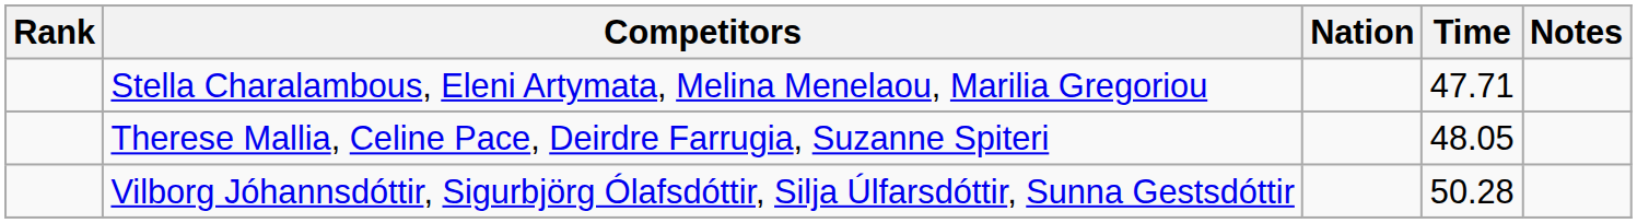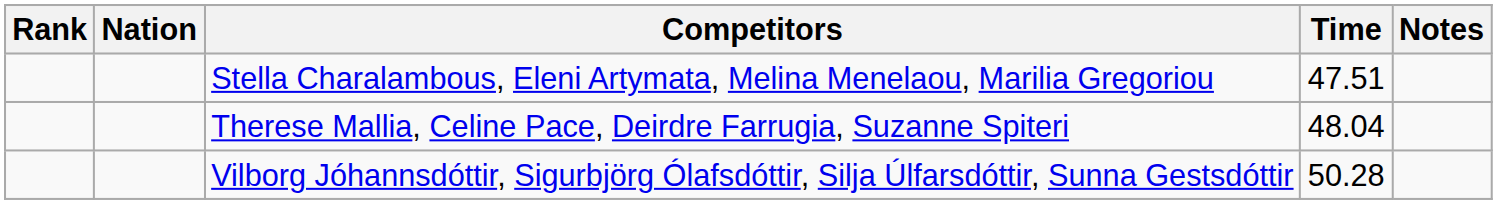 <table class="wikitable sortable" style="text-align:center; font-size:95%">
 <tr>
 <th>Rank</th>
+<th>Nation</th>
 <th>Competitors</th>
-<th>Nation</th>
 <th>Time</th>
 <th>Notes</th>
 </tr>
 <tr>
 <td></td>
+<td align=left></td>
 <td align=left><a href='#'>Stella Charalambous</a>, <a href='#'>Eleni Artymata</a>, <a href='#'>Melina Menelaou</a>, <a href='#'>Marilia Gregoriou</a></td>
-<td align=left></td>
-<td>47.71</td>
+<td>47.51</td>
 <td></td>
 </tr>
 <tr>
 <td></td>
+<td align=left></td>
 <td align=left><a href='#'>Therese Mallia</a>, <a href='#'>Celine Pace</a>, <a href='#'>Deirdre Farrugia</a>, <a href='#'>Suzanne Spiteri</a></td>
-<td align=left></td>
-<td>48.05</td>
+<td>48.04</td>
 <td></td>
 </tr>
 <tr>
 <td></td>
+<td align=left></td>
 <td align=left><a href='#'>Vilborg Jóhannsdóttir</a>, <a href='#'>Sigurbjörg Ólafsdóttir</a>, <a href='#'>Silja Úlfarsdóttir</a>, <a href='#'>Sunna Gestsdóttir</a></td>
-<td align=left></td>
 <td>50.28</td>
 <td></td>
 </tr>
 </table>
